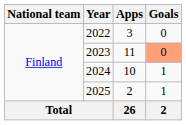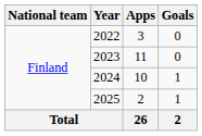 <table class="wikitable" style="text-align:center">
 <tr>
 <th>National team</th>
 <th>Year</th>
 <th>Apps</th>
 <th>Goals</th>
 </tr>
 <tr>
 <td rowspan="4"><a href='#'>Finland</a></td>
 <td>2022</td>
 <td>3</td>
 <td>0</td>
 </tr>
 <tr>
 <td>2023</td>
 <td>11</td>
-<td style="background: lightsalmon;">0</td>
+<td>0</td>
 </tr>
 <tr>
 <td>2024</td>
 <td>10</td>
 <td>1</td>
 </tr>
 <tr>
 <td>2025</td>
 <td>2</td>
 <td>1</td>
 </tr>
 <tr>
 <th colspan="2">Total</th>
 <th>26</th>
 <th>2</th>
 </tr>
 </table>
